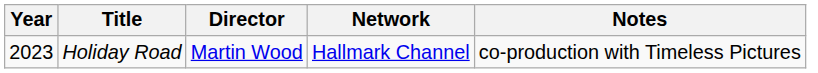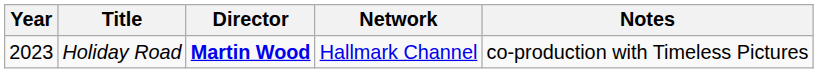 <table class="wikitable sortable">
 <tr>
 <th>Year</th>
 <th>Title</th>
 <th>Director</th>
 <th>Network</th>
 <th>Notes</th>
 </tr>
 <tr>
 <td rowspan="2">2023</td>
 <td><em>Holiday Road</em></td>
-<td><a href='#'>Martin Wood</a></td>
+<td><strong><a href='#'>Martin Wood</a></strong></td>
 <td rowspan="2"><a href='#'>Hallmark Channel</a></td>
 <td>co-production with Timeless Pictures</td>
 </tr>
 </table>
